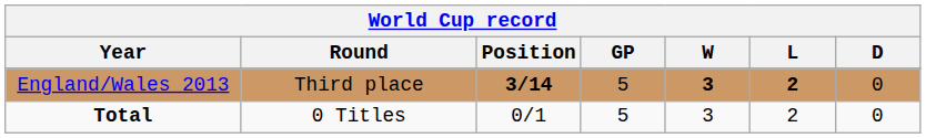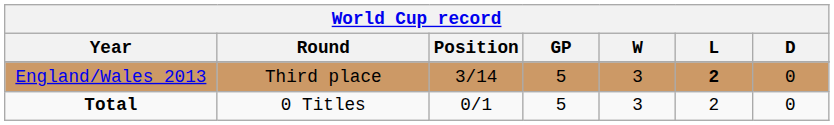 <table class="wikitable" style="text-align: center;">
 <tr>
 <th colspan=9><a href='#'>World Cup record</a></th>
 </tr>
 <tr>
 <th width=150>Year</th>
 <th width=150>Round</th>
 <th width=50>Position</th>
 <th width=50>GP</th>
 <th width=50>W</th>
 <th width=50>L</th>
 <th width=50>D</th>
 </tr>
 <tr>
 </tr>
 <tr bgcolor=cc9966>
 <td><a href='#'>England/Wales 2013</a></td>
 <td>Third place</td>
-<td><strong>3/14</strong></td>
+<td>3/14</td>
 <td>5</td>
-<td><strong>3</strong></td>
+<td>3</td>
 <td><strong>2</strong></td>
 <td>0</td>
 </tr>
 <tr>
 <td><strong>Total</strong></td>
 <td>0 Titles</td>
 <td>0/1</td>
 <td>5</td>
 <td>3</td>
 <td>2</td>
 <td>0</td>
 </tr>
 </table>
